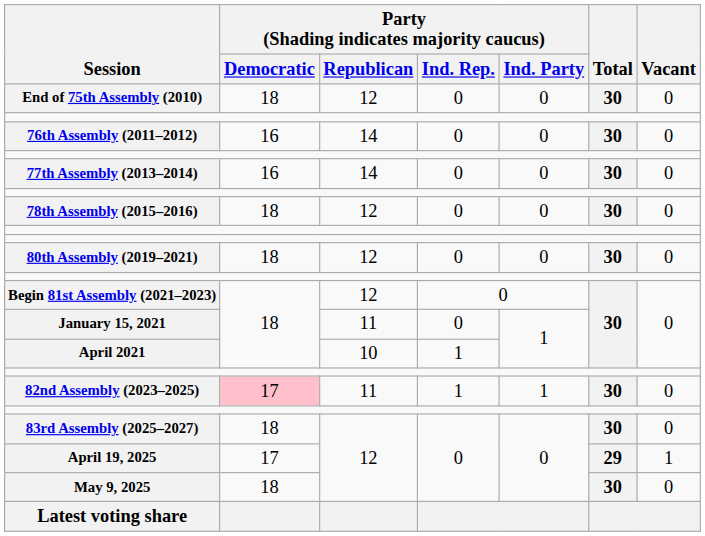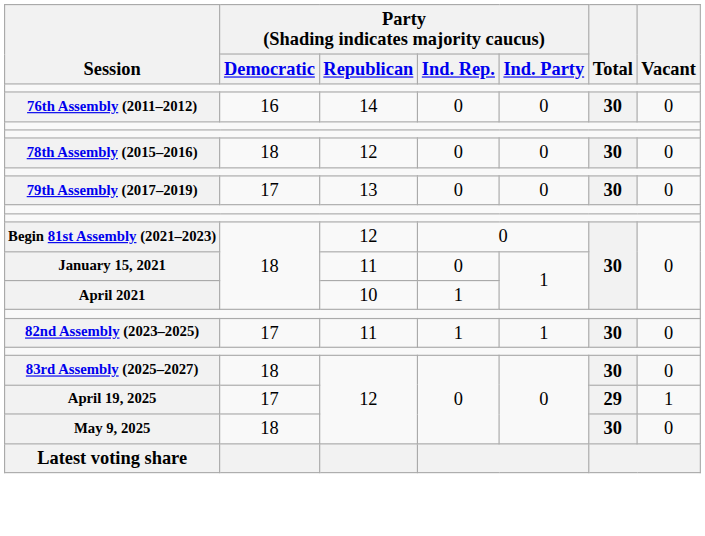 <table class=wikitable style="text-align:center">
 <tr style="vertical-align:bottom;">
 <th rowspan="2">Session</th>
 <th colspan="4">Party <div>(Shading indicates majority caucus)</div></th>
 <th rowspan="2">Total</th>
 <th rowspan="2">Vacant</th>
 </tr>
 <tr style="height:5px">
 <th style="background-color:"><a href='#'>Democratic</a></th>
 <th style="background-color:"><a href='#'>Republican</a></th>
 <th style="background-color:"><a href='#'>Ind. Rep.</a></th>
 <th style="background-color:"><a href='#'>Ind. Party</a></th>
-</tr>
-<tr>
-<th style="font-size:80%">End of <a href='#'>75th Assembly</a> (2010)</th>
-<td>18</td>
-<td>12</td>
-<td>0</td>
-<td>0</td>
-<th>30</th>
-<td>0</td>
 </tr>
 <tr>
 <td colspan=7></td>
 </tr>
 <tr>
 <th style="font-size:80%"><a href='#'>76th Assembly</a> (2011–2012)</th>
 <td>16</td>
 <td>14</td>
 <td>0</td>
 <td>0</td>
 <th>30</th>
 <td>0</td>
 </tr>
 <tr>
 <td colspan=7></td>
 </tr>
 <tr>
-<th style="font-size:80%"><a href='#'>77th Assembly</a> (2013–2014)</th>
-<td>16</td>
-<td>14</td>
-<td>0</td>
-<td>0</td>
-<th>30</th>
-<td>0</td>
-</tr>
-<tr>
 <td colspan=7></td>
 </tr>
 <tr>
 <th style="font-size:80%"><a href='#'>78th Assembly</a> (2015–2016)</th>
 <td>18</td>
 <td>12</td>
 <td>0</td>
 <td>0</td>
 <th>30</th>
 <td>0</td>
 </tr>
 <tr>
 <td colspan=7></td>
 </tr>
 <tr>
-<td colspan=7></td>
-</tr>
-<tr>
-<th style="font-size:80%"><a href='#'>80th Assembly</a> (2019–2021)</th>
-<td>18</td>
-<td>12</td>
+<th style="font-size:80%"><a href='#'>79th Assembly</a> (2017–2019)</th>
+<td>17</td>
+<td>13</td>
 <td>0</td>
 <td>0</td>
 <th>30</th>
 <td>0</td>
+</tr>
+<tr>
+<td colspan=7></td>
 </tr>
 <tr>
 <td colspan=7></td>
 </tr>
 <tr>
 <th style="font-size:80%">Begin <a href='#'>81st Assembly</a> (2021–2023)</th>
 <td rowspan=3 >18</td>
 <td>12</td>
 <td colspan=2>0</td>
 <th rowspan=3>30</th>
 <td rowspan=3>0</td>
 </tr>
 <tr>
 <th style="font-size:80%">January 15, 2021</th>
 <td>11</td>
 <td>0</td>
 <td rowspan=2>1</td>
 </tr>
 <tr>
 <th style="font-size:80%">April 2021</th>
 <td>10</td>
 <td>1</td>
 </tr>
 <tr>
 <td colspan=7></td>
 </tr>
 <tr>
 <th style="font-size:80%"><a href='#'>82nd Assembly</a> (2023–2025)</th>
-<td style="background: pink;">17</td>
+<td>17</td>
 <td>11</td>
 <td>1</td>
 <td>1</td>
 <th>30</th>
 <td>0</td>
 </tr>
 <tr>
 <td colspan=7></td>
 </tr>
 <tr>
 <th style="font-size:80%"><a href='#'>83rd Assembly</a> (2025–2027)</th>
 <td>18</td>
 <td rowspan=3>12</td>
 <td rowspan=3>0</td>
 <td rowspan=3>0</td>
 <th>30</th>
 <td>0</td>
 </tr>
 <tr>
 <th style="font-size:80%">April 19, 2025</th>
 <td>17</td>
 <th>29</th>
 <td>1</td>
 </tr>
 <tr>
 <th style="font-size:80%">May 9, 2025</th>
 <td>18</td>
 <th>30</th>
 <td>0</td>
 </tr>
 <tr>
 <th>Latest voting share</th>
 <th></th>
 <th></th>
 <th colspan=2></th>
 <th colspan=2></th>
 </tr>
 </table>
